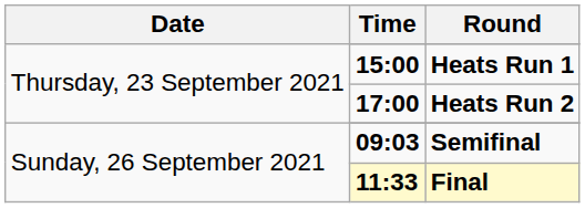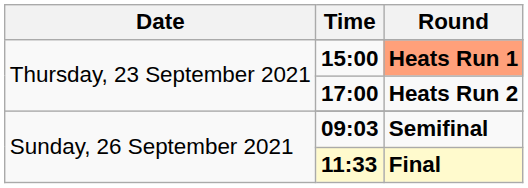 <table class="wikitable">
 <tr>
 <th>Date</th>
 <th>Time</th>
 <th>Round</th>
 </tr>
 <tr>
 <td rowspan=3>Thursday, 23 September 2021</td>
 </tr>
 <tr>
 <td><strong>15:00</strong></td>
-<td><strong>Heats Run 1</strong></td>
+<td style="background: lightsalmon;"><strong>Heats Run 1</strong></td>
 </tr>
 <tr>
 <td><strong>17:00</strong></td>
 <td><strong>Heats Run 2</strong></td>
 </tr>
 <tr>
 <td rowspan=3>Sunday, 26 September 2021</td>
 </tr>
 <tr>
 <td><strong>09:03</strong></td>
 <td><strong>Semifinal</strong></td>
 </tr>
 <tr style=background:lemonchiffon>
 <td><strong>11:33</strong></td>
 <td><strong>Final</strong></td>
 </tr>
 </table>
